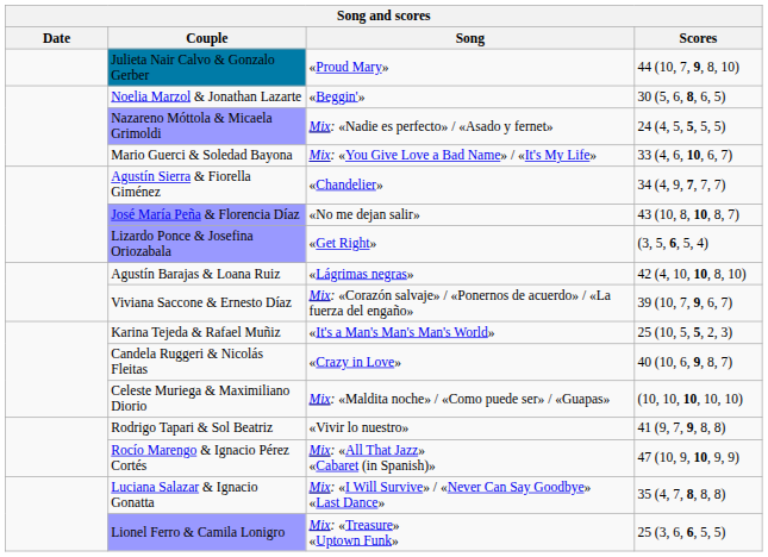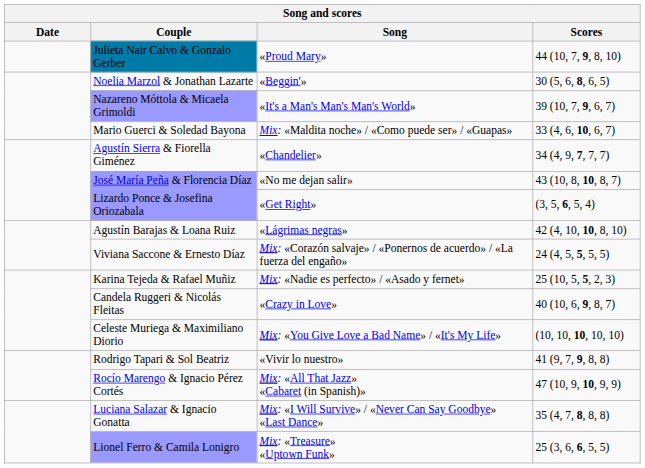 <table class="wikitable collapsible collapsed" style="text-align: align; width: 100%;">
 <tr>
 <th colspan="11" style="with: 100%;" align="center">Song and scores</th>
 </tr>
 <tr>
 <th width=95>Date</th>
 <th width=190>Couple<br></th>
 <th width=320>Song</th>
 <th width=120>Scores</th>
 </tr>
 <tr>
 <td></td>
 <td bgcolor="#007BA7">Julieta Nair Calvo & Gonzalo Gerber<br></td>
 <td>«<a href='#'>Proud Mary</a>» </td>
 <td>44 (10, 7, <strong>9</strong>, 8, 10)</td>
 </tr>
 <tr>
 <td rowspan="3"></td>
 <td><a href='#'>Noelia Marzol</a> & Jonathan Lazarte<br></td>
 <td>«<a href='#'>Beggin'</a>» </td>
 <td>30 (5, 6, <strong>8</strong>, 6, 5)</td>
 </tr>
 <tr>
 <td bgcolor="#9999FF">Nazareno Móttola & Micaela Grimoldi<br></td>
-<td><em><u><a href='#'>Mix</a></u>:</em> «Nadie es perfecto» / «Asado y fernet» </td>
-<td>24 (4, 5, <strong>5</strong>, 5, 5)</td>
+<td>«<a href='#'>It's a Man's Man's Man's World</a>» </td>
+<td>39 (10, 7, <strong>9</strong>, 6, 7)</td>
 </tr>
 <tr>
 <td>Mario Guerci & Soledad Bayona<br></td>
-<td><em><u><a href='#'>Mix</a></u>:</em> «<a href='#'>You Give Love a Bad Name</a>» / «<a href='#'>It's My Life</a>» </td>
+<td><em><u><a href='#'>Mix</a></u>:</em> «Maldita noche» / «Como puede ser» / «Guapas» </td>
 <td>33 (4, 6, <strong>10</strong>, 6, 7)</td>
 </tr>
 <tr>
 <td rowspan="3"></td>
 <td><a href='#'>Agustín Sierra</a> & Fiorella Giménez<br></td>
 <td>«<a href='#'>Chandelier</a>» </td>
 <td>34 (4, 9, <strong>7</strong>, 7, 7)</td>
 </tr>
 <tr>
 <td bgcolor="#9999FF"><a href='#'>José María Peña</a> & Florencia Díaz<br></td>
 <td>«No me dejan salir» </td>
 <td>43 (10, 8, <strong>10</strong>, 8, 7)</td>
 </tr>
 <tr>
 <td bgcolor="#9999FF">Lizardo Ponce & Josefina Oriozabala<br></td>
 <td>«<a href='#'>Get Right</a>» </td>
 <td> (3, 5, <strong>6</strong>, 5, 4)</td>
 </tr>
 <tr>
 <td rowspan="2"></td>
 <td>Agustín Barajas & Loana Ruiz<br></td>
 <td>«<a href='#'>Lágrimas negras</a>» </td>
 <td>42 (4, 10, <strong>10</strong>, 8, 10)</td>
 </tr>
 <tr>
 <td>Viviana Saccone & Ernesto Díaz<br></td>
 <td><em><u><a href='#'>Mix</a></u>:</em> «Corazón salvaje» / «Ponernos de acuerdo» / «La fuerza del engaño» </td>
-<td>39 (10, 7, <strong>9</strong>, 6, 7)</td>
+<td>24 (4, 5, <strong>5</strong>, 5, 5)</td>
 </tr>
 <tr>
 <td rowspan="3"></td>
 <td>Karina Tejeda & Rafael Muñiz<br></td>
-<td>«<a href='#'>It's a Man's Man's Man's World</a>» </td>
+<td><em><u><a href='#'>Mix</a></u>:</em> «Nadie es perfecto» / «Asado y fernet» </td>
 <td>25 (10, 5, <strong>5</strong>, 2, 3)</td>
 </tr>
 <tr>
 <td>Candela Ruggeri & Nicolás Fleitas<br></td>
 <td>«<a href='#'>Crazy in Love</a>» </td>
 <td>40 (10, 6, <strong>9</strong>, 8, 7)</td>
 </tr>
 <tr>
 <td>Celeste Muriega & Maximiliano Diorio<br></td>
-<td><em><u><a href='#'>Mix</a></u>:</em> «Maldita noche» / «Como puede ser» / «Guapas» </td>
+<td><em><u><a href='#'>Mix</a></u>:</em> «<a href='#'>You Give Love a Bad Name</a>» / «<a href='#'>It's My Life</a>» </td>
 <td> (10, 10, <strong>10</strong>, 10, 10)</td>
 </tr>
 <tr>
 <td rowspan="2"></td>
 <td>Rodrigo Tapari & Sol Beatriz<br></td>
 <td>«Vivir lo nuestro» </td>
 <td>41 (9, 7, <strong>9</strong>, 8, 8)</td>
 </tr>
 <tr>
 <td><a href='#'>Rocío Marengo</a> & Ignacio Pérez Cortés<br></td>
 <td><em><u><a href='#'>Mix</a></u>:</em> «<a href='#'>All That Jazz</a>» <br>«<a href='#'>Cabaret</a> (in Spanish)» </td>
 <td>47 (10, 9, <strong>10</strong>, 9, 9)</td>
 </tr>
 <tr>
 <td rowspan="2"></td>
 <td><a href='#'>Luciana Salazar</a> & Ignacio Gonatta<br></td>
 <td><em><u><a href='#'>Mix</a></u>:</em> «<a href='#'>I Will Survive</a>» / «<a href='#'>Never Can Say Goodbye</a>» <br>«<a href='#'>Last Dance</a>» </td>
 <td>35 (4, 7, <strong>8</strong>, 8, 8)</td>
 </tr>
 <tr>
 <td bgcolor="#9999FF">Lionel Ferro & Camila Lonigro<br></td>
 <td><em><u><a href='#'>Mix</a></u>:</em> «<a href='#'>Treasure</a>» <br>«<a href='#'>Uptown Funk</a>» </td>
 <td>25 (3, 6, <strong>6</strong>, 5, 5)</td>
 </tr>
 </table>
